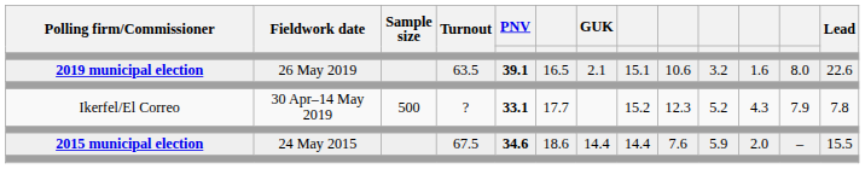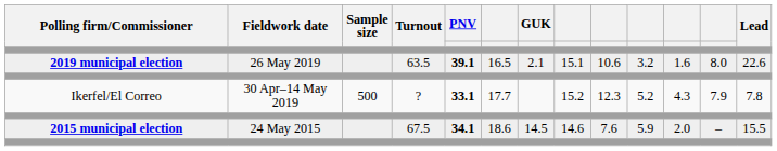 <table class="wikitable collapsible collapsed" style="text-align:center; font-size:95%; line-height:16px;">
 <tr style="height:42px;">
 <th style="width:250px;" rowspan="2">Polling firm/Commissioner</th>
 <th style="width:125px;" rowspan="2">Fieldwork date</th>
 <th style="width:50px;" rowspan="2">Sample size</th>
 <th style="width:45px;" rowspan="2">Turnout</th>
 <th style="width:35px;"><a href='#'>PNV</a></th>
 <th style="width:35px;"></th>
 <th style="width:35px;">GUK</th>
 <th style="width:35px;"></th>
 <th style="width:35px;"></th>
 <th style="width:35px;"></th>
 <th style="width:35px;"></th>
 <th style="width:35px;"></th>
 <th style="width:30px;" rowspan="2">Lead</th>
 </tr>
 <tr>
 <th style="color:inherit;background:"></th>
 <th style="color:inherit;background:"></th>
 <th style="color:inherit;background:"></th>
 <th style="color:inherit;background:"></th>
 <th style="color:inherit;background:"></th>
 <th style="color:inherit;background:"></th>
 <th style="color:inherit;background:"></th>
 <th style="color:inherit;background:"></th>
 </tr>
 <tr>
 <td colspan="13" style="background:#A0A0A0"></td>
 </tr>
 <tr style="background:#EFEFEF;">
 <td><strong><a href='#'>2019 municipal election</a></strong></td>
 <td>26 May 2019</td>
 <td></td>
 <td>63.5</td>
 <td><strong>39.1</strong><br></td>
 <td>16.5<br></td>
 <td>2.1<br></td>
 <td>15.1<br></td>
 <td>10.6<br></td>
 <td>3.2<br></td>
 <td>1.6<br></td>
 <td>8.0<br></td>
 <td style="background:">22.6</td>
 </tr>
 <tr>
 <td colspan="13" style="background:#A0A0A0"></td>
 </tr>
 <tr>
 <td>Ikerfel/El Correo</td>
 <td>30 Apr–14 May 2019</td>
 <td>500</td>
 <td>?</td>
 <td><strong>33.1</strong><br></td>
 <td>17.7<br></td>
 <td></td>
 <td>15.2<br></td>
 <td>12.3<br></td>
 <td>5.2<br></td>
 <td>4.3<br></td>
 <td>7.9<br></td>
 <td style="background:">7.8</td>
 </tr>
 <tr>
 <td colspan="13" style="background:#A0A0A0"></td>
 </tr>
 <tr style="background:#EFEFEF;">
 <td><strong><a href='#'>2015 municipal election</a></strong></td>
 <td>24 May 2015</td>
 <td></td>
 <td>67.5</td>
-<td><strong>34.6</strong><br></td>
+<td><strong>34.1</strong><br></td>
 <td>18.6<br></td>
-<td>14.4<br></td>
-<td>14.4<br></td>
+<td>14.5<br></td>
+<td>14.6<br></td>
 <td>7.6<br></td>
 <td>5.9<br></td>
 <td>2.0<br></td>
 <td>–</td>
 <td style="background:">15.5</td>
 </tr>
 <tr>
 <td colspan="13" style="background:#A0A0A0"></td>
 </tr>
 </table>
